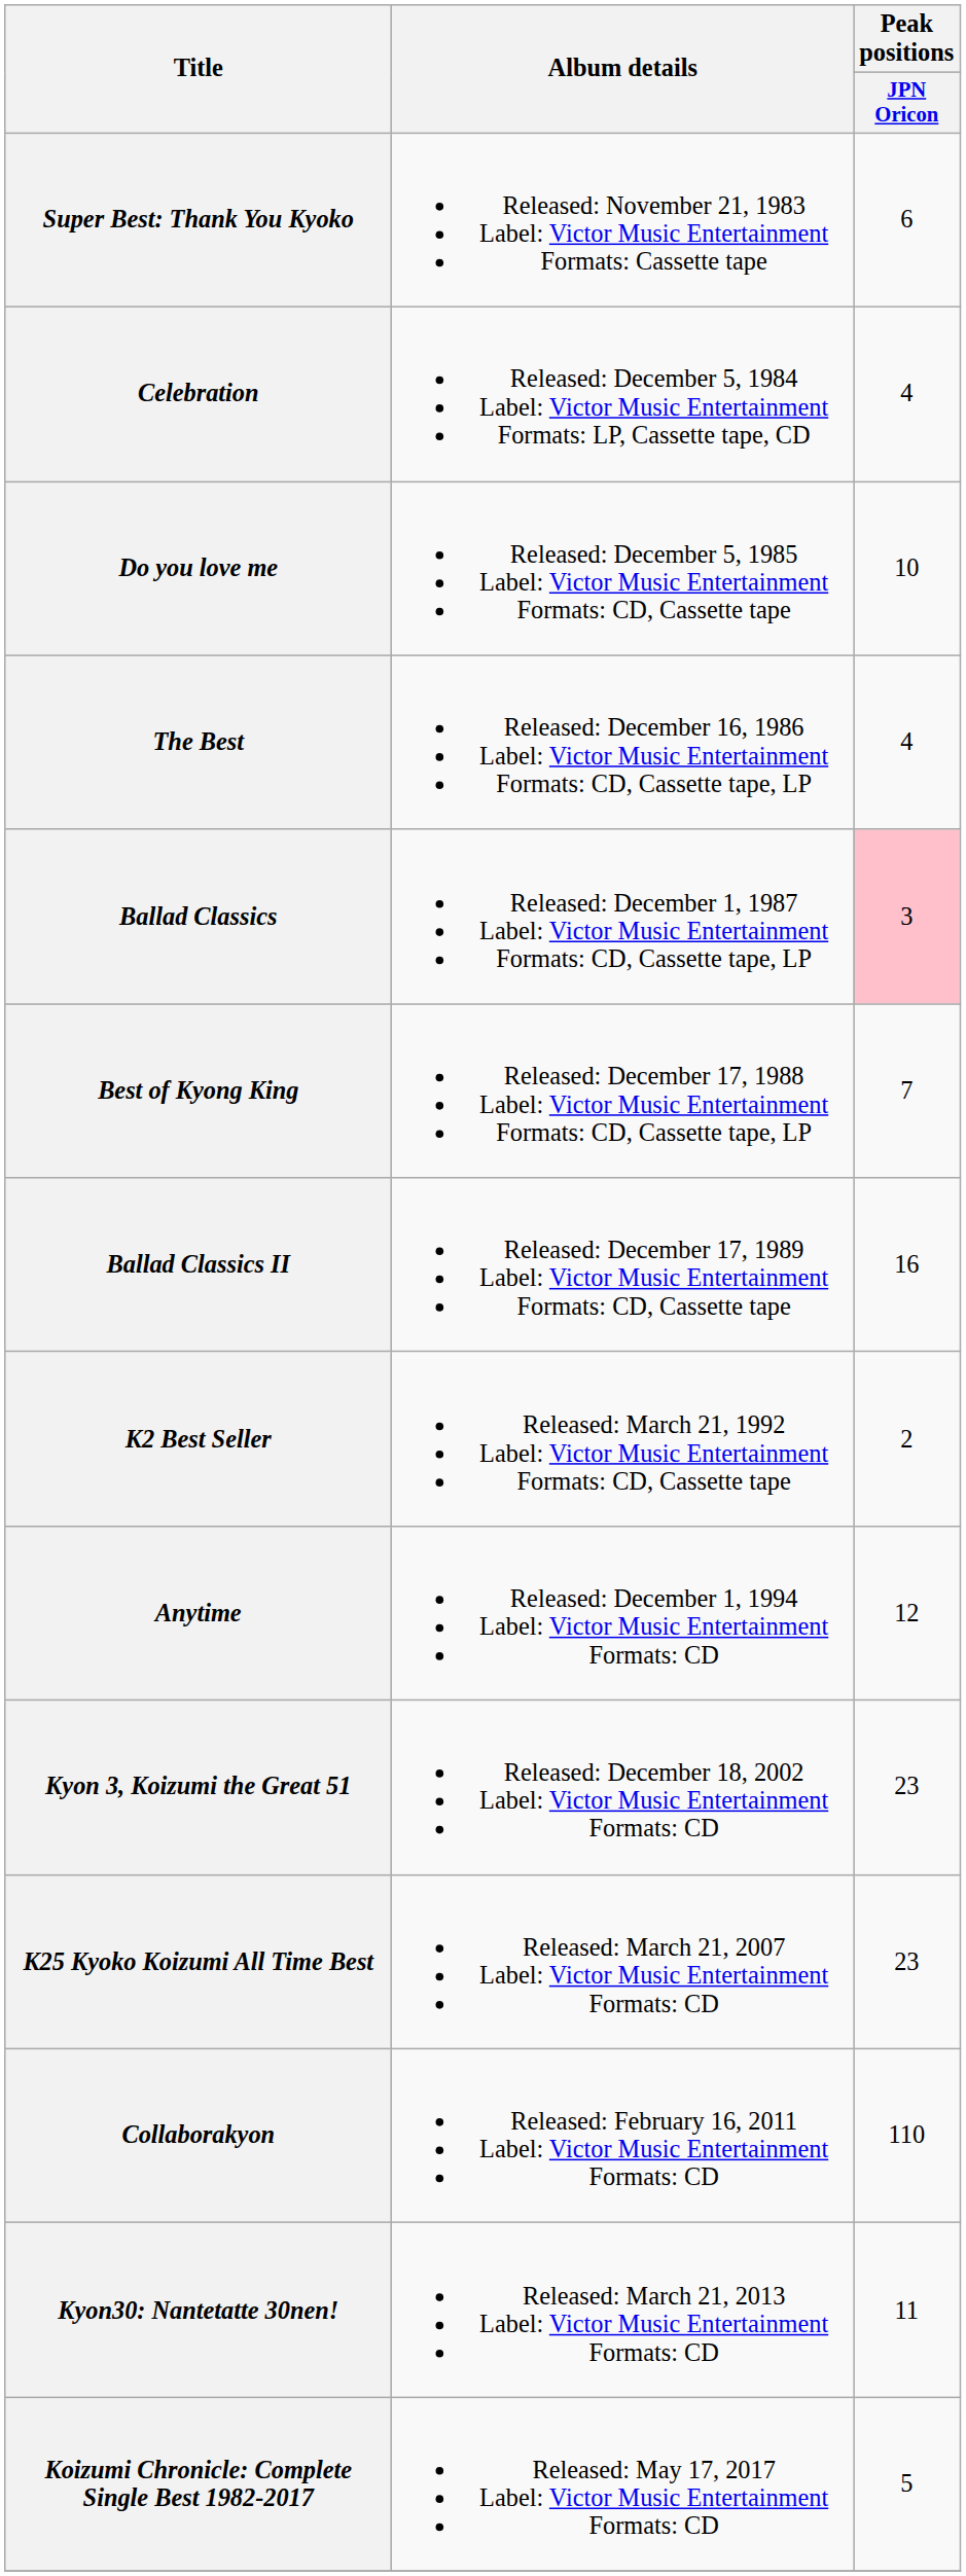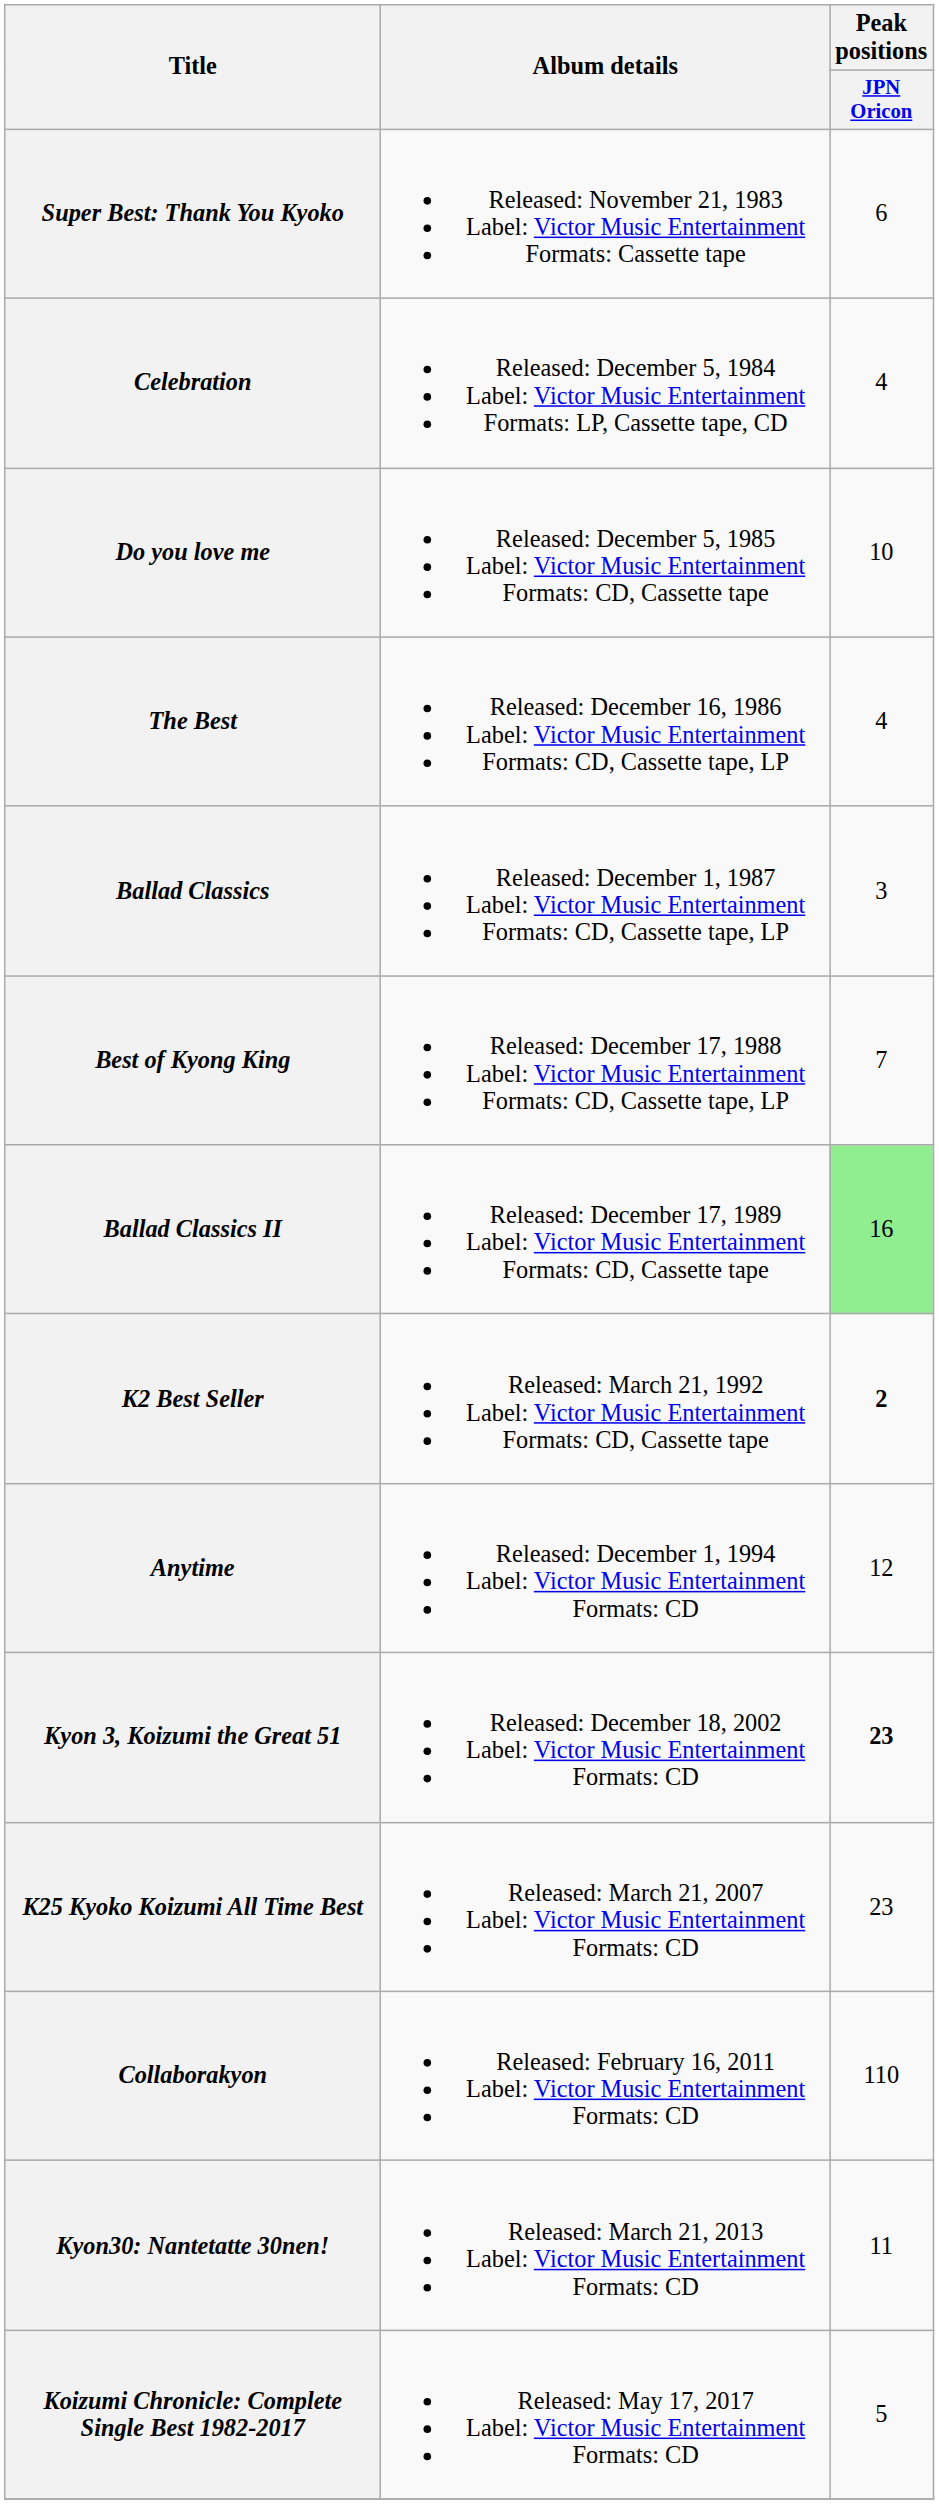 <table class="wikitable plainrowheaders" style="text-align:center;">
 <tr>
 <th style="width:15em;" rowspan="2">Title</th>
 <th style="width:18em;" rowspan="2">Album details</th>
 <th colspan="1">Peak positions</th>
 </tr>
 <tr>
 <th style="width:3em;font-size:85%"><a href='#'>JPN<br>Oricon</a><br></th>
 </tr>
 <tr>
 <th scope="row"><em>Super Best: Thank You Kyoko</em></th>
 <td><br><ul><li>Released: November 21, 1983</li><li>Label: <a href='#'>Victor Music Entertainment</a></li><li>Formats: Cassette tape</li></ul></td>
 <td>6</td>
 </tr>
 <tr>
 <th scope="row"><em>Celebration</em></th>
 <td><br><ul><li>Released: December 5, 1984</li><li>Label: <a href='#'>Victor Music Entertainment</a></li><li>Formats: LP, Cassette tape, CD</li></ul></td>
 <td>4</td>
 </tr>
 <tr>
 <th scope="row"><em>Do you love me</em></th>
 <td><br><ul><li>Released: December 5, 1985</li><li>Label: <a href='#'>Victor Music Entertainment</a></li><li>Formats: CD, Cassette tape</li></ul></td>
 <td>10</td>
 </tr>
 <tr>
 <th scope="row"><em>The Best</em></th>
 <td><br><ul><li>Released: December 16, 1986</li><li>Label: <a href='#'>Victor Music Entertainment</a></li><li>Formats: CD, Cassette tape, LP</li></ul></td>
 <td>4</td>
 </tr>
 <tr>
 <th scope="row"><em>Ballad Classics</em></th>
 <td><br><ul><li>Released: December 1, 1987</li><li>Label: <a href='#'>Victor Music Entertainment</a></li><li>Formats: CD, Cassette tape, LP</li></ul></td>
-<td style="background: pink;">3</td>
+<td>3</td>
 </tr>
 <tr>
 <th scope="row"><em>Best of Kyong King</em></th>
 <td><br><ul><li>Released: December 17, 1988</li><li>Label: <a href='#'>Victor Music Entertainment</a></li><li>Formats: CD, Cassette tape, LP</li></ul></td>
 <td>7</td>
 </tr>
 <tr>
 <th scope="row"><em>Ballad Classics II</em></th>
 <td><br><ul><li>Released: December 17, 1989</li><li>Label: <a href='#'>Victor Music Entertainment</a></li><li>Formats: CD, Cassette tape</li></ul></td>
-<td>16</td>
+<td style="background: lightgreen;">16</td>
 </tr>
 <tr>
 <th scope="row"><em>K2 Best Seller</em></th>
 <td><br><ul><li>Released: March 21, 1992</li><li>Label: <a href='#'>Victor Music Entertainment</a></li><li>Formats: CD, Cassette tape</li></ul></td>
-<td>2</td>
+<td><strong>2</strong></td>
 </tr>
 <tr>
 <th scope="row"><em>Anytime</em></th>
 <td><br><ul><li>Released: December 1, 1994</li><li>Label: <a href='#'>Victor Music Entertainment</a></li><li>Formats: CD</li></ul></td>
 <td>12</td>
 </tr>
 <tr>
 <th scope="row"><em>Kyon 3, Koizumi the Great 51</em></th>
 <td><br><ul><li>Released: December 18, 2002</li><li>Label: <a href='#'>Victor Music Entertainment</a></li><li>Formats: CD</li></ul></td>
-<td>23</td>
+<td><strong>23</strong></td>
 </tr>
 <tr>
 <th scope="row"><em>K25 Kyoko Koizumi All Time Best</em></th>
 <td><br><ul><li>Released: March 21, 2007</li><li>Label: <a href='#'>Victor Music Entertainment</a></li><li>Formats: CD</li></ul></td>
 <td>23</td>
 </tr>
 <tr>
 <th scope="row"><em>Collaborakyon</em></th>
 <td><br><ul><li>Released: February 16, 2011</li><li>Label: <a href='#'>Victor Music Entertainment</a></li><li>Formats: CD</li></ul></td>
 <td>110</td>
 </tr>
 <tr>
 <th scope="row"><em>Kyon30: Nantetatte 30nen!</em></th>
 <td><br><ul><li>Released: March 21, 2013</li><li>Label: <a href='#'>Victor Music Entertainment</a></li><li>Formats: CD</li></ul></td>
 <td>11</td>
 </tr>
 <tr>
 <th scope="row"><em>Koizumi Chronicle: Complete Single Best 1982-2017</em></th>
 <td><br><ul><li>Released: May 17, 2017</li><li>Label: <a href='#'>Victor Music Entertainment</a></li><li>Formats: CD</li></ul></td>
 <td>5</td>
 </tr>
 <tr>
 </tr>
 </table>
